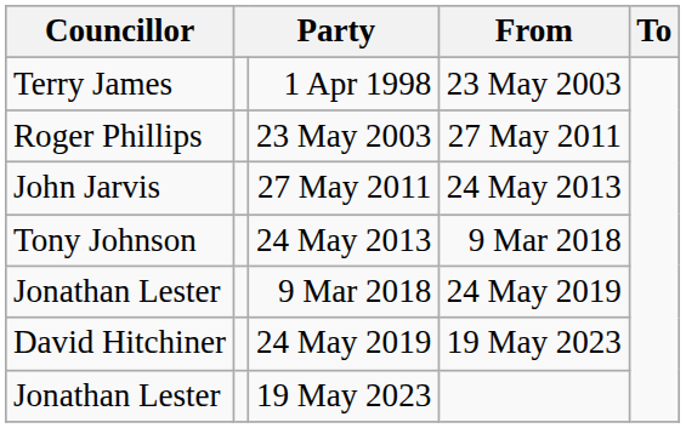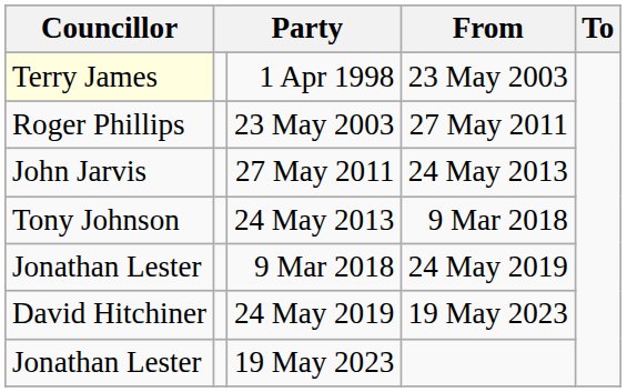 <table class=wikitable>
 <tr>
 <th>Councillor</th>
 <th colspan=2>Party</th>
 <th>From</th>
 <th>To</th>
 </tr>
 <tr>
-<td>Terry James</td>
+<td style="background: lightyellow;">Terry James</td>
 <td></td>
 <td align=right>1 Apr 1998</td>
 <td align=right>23 May 2003</td>
 </tr>
 <tr>
 <td>Roger Phillips</td>
 <td></td>
 <td align=right>23 May 2003</td>
 <td align=right>27 May 2011</td>
 </tr>
 <tr>
 <td>John Jarvis</td>
 <td></td>
 <td align=right>27 May 2011</td>
 <td align=right>24 May 2013</td>
 </tr>
 <tr>
 <td>Tony Johnson</td>
 <td></td>
 <td align=right>24 May 2013</td>
 <td align=right>9 Mar 2018</td>
 </tr>
 <tr>
 <td>Jonathan Lester</td>
 <td></td>
 <td align=right>9 Mar 2018</td>
 <td align=right>24 May 2019</td>
 </tr>
 <tr>
 <td>David Hitchiner</td>
 <td></td>
 <td align=right>24 May 2019</td>
 <td align=right>19 May 2023</td>
 </tr>
 <tr>
 <td>Jonathan Lester</td>
 <td></td>
 <td align=right>19 May 2023</td>
 <td align=right></td>
 </tr>
 </table>
